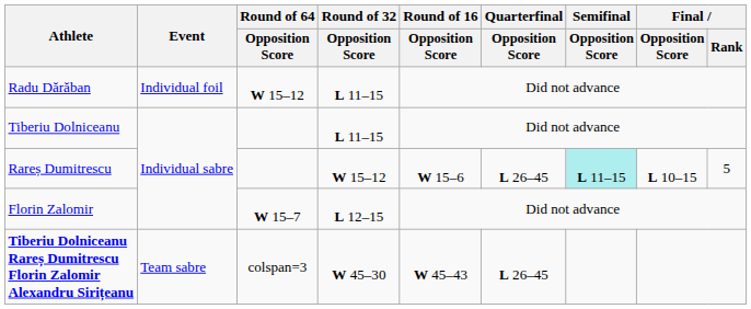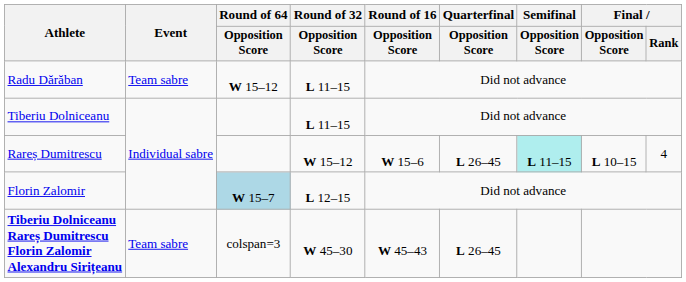 <table class="wikitable" style="font-size:90%">
 <tr>
 <th rowspan=2>Athlete</th>
 <th rowspan=2>Event</th>
 <th>Round of 64</th>
 <th>Round of 32</th>
 <th>Round of 16</th>
 <th>Quarterfinal</th>
 <th>Semifinal</th>
 <th colspan=2>Final / </th>
 </tr>
 <tr style="font-size:95%">
 <th>Opposition <br> Score</th>
 <th>Opposition <br> Score</th>
 <th>Opposition <br> Score</th>
 <th>Opposition <br> Score</th>
 <th>Opposition <br> Score</th>
 <th>Opposition <br> Score</th>
 <th>Rank</th>
 </tr>
 <tr align=center>
 <td align=left><a href='#'>Radu Dărăban</a></td>
-<td align=left><a href='#'>Individual foil</a></td>
+<td align=left><a href='#'>Team sabre</a></td>
 <td><br><strong>W</strong> 15–12</td>
 <td><br><strong>L</strong> 11–15</td>
 <td colspan=5>Did not advance</td>
 </tr>
 <tr align=center>
 <td align=left><a href='#'>Tiberiu Dolniceanu</a></td>
 <td align=left rowspan=3><a href='#'>Individual sabre</a></td>
 <td></td>
 <td><br><strong>L</strong> 11–15</td>
 <td colspan=5>Did not advance</td>
 </tr>
 <tr align=center>
 <td align=left><a href='#'>Rareș Dumitrescu</a></td>
 <td></td>
 <td><br><strong>W</strong> 15–12</td>
 <td><br><strong>W</strong> 15–6</td>
 <td><br><strong>L</strong> 26–45</td>
 <td style="background: paleturquoise;"><br><strong>L</strong> 11–15</td>
 <td><br><strong>L</strong> 10–15</td>
-<td>5</td>
+<td>4</td>
 </tr>
 <tr align=center>
 <td align=left><a href='#'>Florin Zalomir</a></td>
-<td><br><strong>W</strong> 15–7</td>
+<td style="background: lightblue;"><br><strong>W</strong> 15–7</td>
 <td><br><strong>L</strong> 12–15</td>
 <td colspan=5>Did not advance</td>
 </tr>
 <tr align=center>
 <td align=left><strong><a href='#'>Tiberiu Dolniceanu</a><br><a href='#'>Rareș Dumitrescu</a><br><a href='#'>Florin Zalomir</a><br><a href='#'>Alexandru Sirițeanu</a></strong></td>
 <td align=left><a href='#'>Team sabre</a></td>
 <td>colspan=3 </td>
 <td><br><strong>W</strong> 45–30</td>
 <td><br><strong>W</strong> 45–43</td>
 <td><br><strong>L</strong> 26–45</td>
 <td></td>
 </tr>
 </table>
